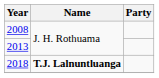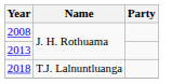 <table class="wikitable sortable">
 <tr>
 <th>Year</th>
 <th>Name</th>
 <th colspan=2>Party</th>
 </tr>
 <tr>
 <td><a href='#'>2008</a></td>
 <td rowspan=2>J. H. Rothuama</td>
 <td></td>
 </tr>
 <tr>
 <td><a href='#'>2013</a></td>
 </tr>
 <tr>
 <td><a href='#'>2018</a></td>
-<td><strong>T.J. Lalnuntluanga</strong></td>
+<td>T.J. Lalnuntluanga</td>
 <td></td>
 </tr>
 <tr>
 </tr>
 </table>
